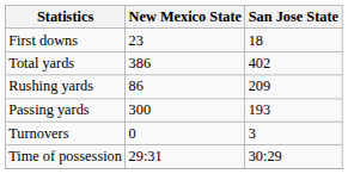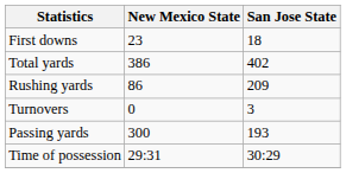 <table class="wikitable">
 <tr>
 <th>Statistics</th>
 <th>New Mexico State</th>
 <th>San Jose State</th>
 </tr>
 <tr>
 <td>First downs</td>
 <td>23</td>
 <td>18</td>
 </tr>
 <tr>
 <td>Total yards</td>
 <td>386</td>
 <td>402</td>
 </tr>
 <tr>
 <td>Rushing yards</td>
 <td>86</td>
 <td>209</td>
 </tr>
 <tr>
+<td>Turnovers</td>
+<td>0</td>
+<td>3</td>
+</tr>
+<tr>
 <td>Passing yards</td>
 <td>300</td>
 <td>193</td>
-</tr>
-<tr>
-<td>Turnovers</td>
-<td>0</td>
-<td>3</td>
 </tr>
 <tr>
 <td>Time of possession</td>
 <td>29:31</td>
 <td>30:29</td>
 </tr>
 <tr>
 </tr>
 </table>
